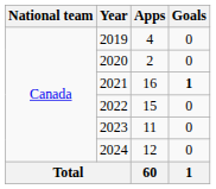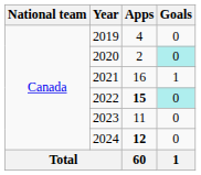 <table class="wikitable" style="text-align:center">
 <tr>
 <th>National team</th>
 <th>Year</th>
 <th>Apps</th>
 <th>Goals</th>
 </tr>
 <tr>
 <td rowspan="6"><a href='#'>Canada</a></td>
 <td>2019</td>
 <td>4</td>
 <td>0</td>
 </tr>
 <tr>
 <td>2020</td>
 <td>2</td>
-<td>0</td>
+<td style="background: paleturquoise;">0</td>
 </tr>
 <tr>
 <td>2021</td>
 <td>16</td>
-<td><strong>1</strong></td>
+<td>1</td>
 </tr>
 <tr>
 <td>2022</td>
-<td>15</td>
-<td>0</td>
+<td><strong>15</strong></td>
+<td style="background: paleturquoise;">0</td>
 </tr>
 <tr>
 <td>2023</td>
 <td>11</td>
 <td>0</td>
 </tr>
 <tr>
 <td>2024</td>
-<td>12</td>
+<td><strong>12</strong></td>
 <td>0</td>
 </tr>
 <tr>
 <th colspan="2">Total</th>
 <th>60</th>
 <th>1</th>
 </tr>
 </table>
